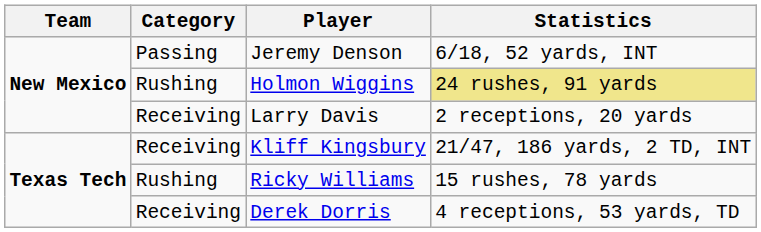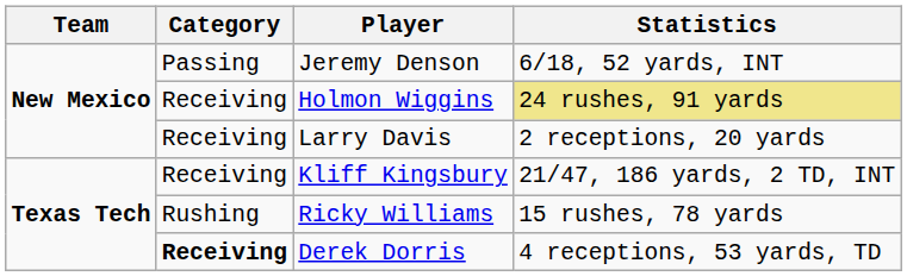 <table class="wikitable" style="float: left;">
 <tr>
 <th>Team</th>
 <th>Category</th>
 <th>Player</th>
 <th>Statistics</th>
 </tr>
 <tr>
 <td rowspan=3><strong>New Mexico</strong></td>
 <td>Passing</td>
 <td>Jeremy Denson</td>
 <td>6/18, 52 yards, INT</td>
 </tr>
 <tr>
-<td>Rushing</td>
+<td>Receiving</td>
 <td><a href='#'>Holmon Wiggins</a></td>
 <td style="background: khaki;">24 rushes, 91 yards</td>
 </tr>
 <tr>
 <td>Receiving</td>
 <td>Larry Davis</td>
 <td>2 receptions, 20 yards</td>
 </tr>
 <tr>
 <td rowspan=3><strong>Texas Tech</strong></td>
 <td>Receiving</td>
 <td><a href='#'>Kliff Kingsbury</a></td>
 <td>21/47, 186 yards, 2 TD, INT</td>
 </tr>
 <tr>
 <td>Rushing</td>
 <td><a href='#'>Ricky Williams</a></td>
 <td>15 rushes, 78 yards</td>
 </tr>
 <tr>
-<td>Receiving</td>
+<td><strong>Receiving</strong></td>
 <td><a href='#'>Derek Dorris</a></td>
 <td>4 receptions, 53 yards, TD</td>
 </tr>
 </table>
